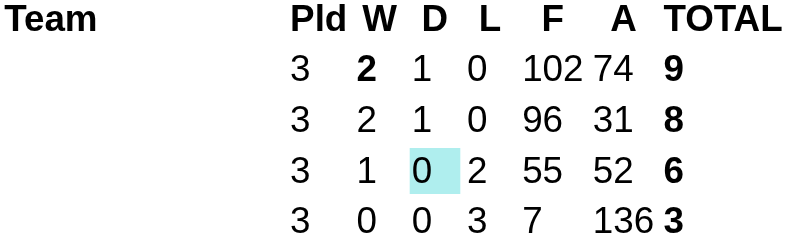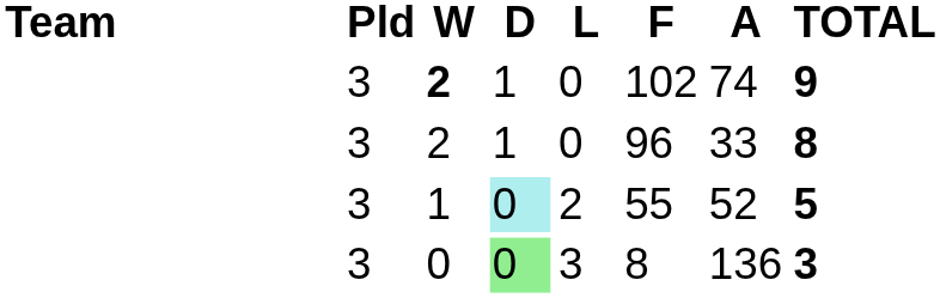 <table>
 <tr>
 <td><br></td>
 </tr>
 <tr border=1 cellpadding=5 cellspacing=0>
 <th width="200">Team</th>
 <th width="20">Pld</th>
 <th width="20">W</th>
 <th width="20">D</th>
 <th width="20">L</th>
 <th width="20">F</th>
 <th width="20">A</th>
 <th width="20">TOTAL</th>
 </tr>
 <tr>
 <td align=left></td>
 <td>3</td>
 <td><strong>2</strong></td>
 <td>1</td>
 <td>0</td>
 <td>102</td>
 <td>74</td>
 <td><strong>9</strong></td>
 </tr>
 <tr>
 <td align=left></td>
 <td>3</td>
 <td>2</td>
 <td>1</td>
 <td>0</td>
 <td>96</td>
-<td>31</td>
+<td>33</td>
 <td><strong>8</strong></td>
 </tr>
 <tr>
 <td align=left></td>
 <td>3</td>
 <td>1</td>
 <td style="background: paleturquoise;">0</td>
 <td>2</td>
 <td>55</td>
 <td>52</td>
-<td><strong>6</strong></td>
+<td><strong>5</strong></td>
 </tr>
 <tr>
 <td align=left></td>
 <td>3</td>
 <td>0</td>
-<td>0</td>
+<td style="background: lightgreen;">0</td>
 <td>3</td>
-<td>7</td>
+<td>8</td>
 <td>136</td>
 <td><strong>3</strong></td>
 </tr>
 </table>
